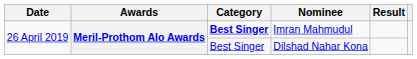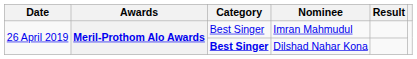 <table class="wikitable plainrowheaders sortable">
 <tr>
 <th scope="col">Date</th>
 <th scope="col">Awards</th>
 <th scope="col">Category</th>
 <th scope="col">Nominee</th>
 <th scope="col">Result</th>
 <th></th>
 </tr>
 <tr>
 <td rowspan="2"><a href='#'>26 April 2019</a></td>
 <th rowspan="2"><a href='#'>Meril-Prothom Alo Awards</a></th>
-<td><strong><a href='#'>Best Singer</a></strong></td>
+<td><a href='#'>Best Singer</a></td>
 <td><a href='#'>Imran Mahmudul</a></td>
 <td></td>
 <td rowspan="2"><br><br></td>
 </tr>
 <tr>
-<td><a href='#'>Best Singer</a></td>
+<td><strong><a href='#'>Best Singer</a></strong></td>
 <td><a href='#'>Dilshad Nahar Kona</a></td>
 <td></td>
 </tr>
 </table>
